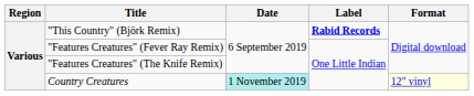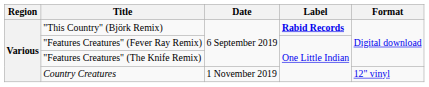 <table class="wikitable sortable plainrowheaders">
 <tr>
 <th scope="col">Region</th>
 <th scope="col">Title</th>
 <th scope="col">Date</th>
 <th scope="col">Label</th>
 <th scope="col">Format</th>
 </tr>
 <tr>
 <th scope="row" rowspan="4">Various</th>
 <td>"This Country" (Björk Remix)</td>
 <td scope="row" rowspan="3">6 September 2019</td>
 <td><strong><a href='#'>Rabid Records</a></strong></td>
 <td scope="row" rowspan="3"><a href='#'>Digital download</a></td>
 </tr>
 <tr>
 <td>"Features Creatures" (Fever Ray Remix)</td>
 <td scope="row" rowspan="3"><a href='#'>One Little Indian</a></td>
 </tr>
 <tr>
 <td>"Features Creatures" (The Knife Remix)</td>
 </tr>
 <tr>
 <td><em>Country Creatures</em></td>
-<td style="background: paleturquoise;">1 November 2019</td>
-<td style="background: lightyellow;"><a href='#'>12" vinyl</a></td>
+<td>1 November 2019</td>
+<td><a href='#'>12" vinyl</a></td>
 </tr>
 </table>
